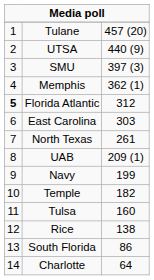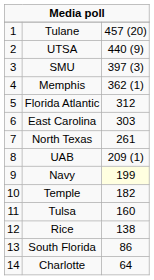 <table class="wikitable">
 <tr align="center">
 <td align="center" Colspan="3"><strong>Media poll</strong></td>
 </tr>
 <tr align="center">
 </tr>
 <tr align="center">
 <td>1</td>
 <td>Tulane</td>
 <td>457 (20)</td>
 </tr>
 <tr align="center">
 <td>2</td>
 <td>UTSA</td>
 <td>440 (9)</td>
 </tr>
 <tr align="center">
 <td>3</td>
 <td>SMU</td>
 <td>397 (3)</td>
 </tr>
 <tr align="center">
 <td>4</td>
 <td>Memphis</td>
 <td>362 (1)</td>
 </tr>
 <tr align="center">
-<td><strong>5</strong></td>
+<td>5</td>
 <td>Florida Atlantic</td>
 <td>312</td>
 </tr>
 <tr align="center">
 <td>6</td>
 <td>East Carolina</td>
 <td>303</td>
 </tr>
 <tr align="center">
 <td>7</td>
 <td>North Texas</td>
 <td>261</td>
 </tr>
 <tr align="center">
 <td>8</td>
 <td>UAB</td>
 <td>209 (1)</td>
 </tr>
 <tr align="center">
 <td>9</td>
 <td>Navy</td>
-<td>199</td>
+<td style="background: lightyellow;">199</td>
 </tr>
 <tr align="center">
 <td>10</td>
 <td>Temple</td>
 <td>182</td>
 </tr>
 <tr align="center">
 <td>11</td>
 <td>Tulsa</td>
 <td>160</td>
 </tr>
 <tr align="center">
 <td>12</td>
 <td>Rice</td>
 <td>138</td>
 </tr>
 <tr align="center">
 <td>13</td>
 <td>South Florida</td>
 <td>86</td>
 </tr>
 <tr align="center">
 <td>14</td>
 <td>Charlotte</td>
 <td>64</td>
 </tr>
 </table>
